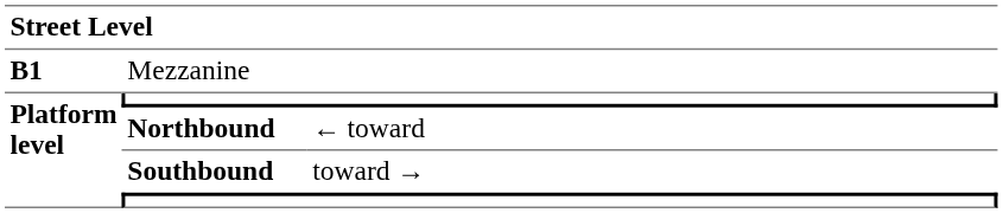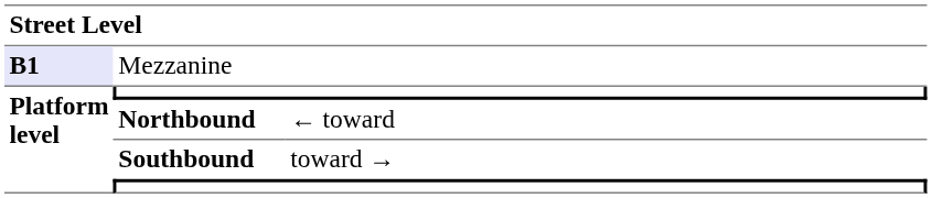 <table cellspacing="0" cellpadding="3" border="0">
 <tr>
 <td colspan="3" data-darkreader-inline-border-bottom="" data-darkreader-inline-border-top="" width="50" valign="top" style="border-bottom:solid 1px gray;border-top:solid 1px gray;"><strong>Street Level</strong></td>
 </tr>
 <tr>
-<td data-darkreader-inline-border-bottom="" width="50" valign="top" style="border-bottom:solid 1px gray;"><strong>B1</strong></td>
+<td data-darkreader-inline-border-bottom="" width="50" valign="top" style="background: lavender; border-bottom:solid 1px gray;"><strong>B1</strong></td>
 <td colspan="2" data-darkreader-inline-border-bottom="" width="100" valign="top" style="border-bottom:solid 1px gray;">Mezzanine</td>
 </tr>
 <tr>
 <td rowspan="4" data-darkreader-inline-border-bottom="" width="50" valign="top" style="border-bottom:solid 1px gray;"><strong>Platform level</strong></td>
 <td colspan="2" data-darkreader-inline-border-bottom="" data-darkreader-inline-border-left="" data-darkreader-inline-border-right="" style="border-right:solid 2px black;border-left:solid 2px black;border-bottom:solid 2px black;text-align:center;"></td>
 </tr>
 <tr>
 <td data-darkreader-inline-border-bottom="" width="100" style="border-bottom:solid 1px gray;"><strong>Northbound</strong></td>
 <td data-darkreader-inline-border-bottom="" width="390" style="border-bottom:solid 1px gray;">←   toward  </td>
 </tr>
 <tr>
 <td><strong>Southbound</strong></td>
 <td>   toward   →</td>
 </tr>
 <tr>
 <td colspan="2" data-darkreader-inline-border-bottom="" data-darkreader-inline-border-left="" data-darkreader-inline-border-right="" data-darkreader-inline-border-top="" style="border-top:solid 2px black;border-right:solid 2px black;border-left:solid 2px black;border-bottom:solid 1px gray;text-align:center;"></td>
 </tr>
 </table>
